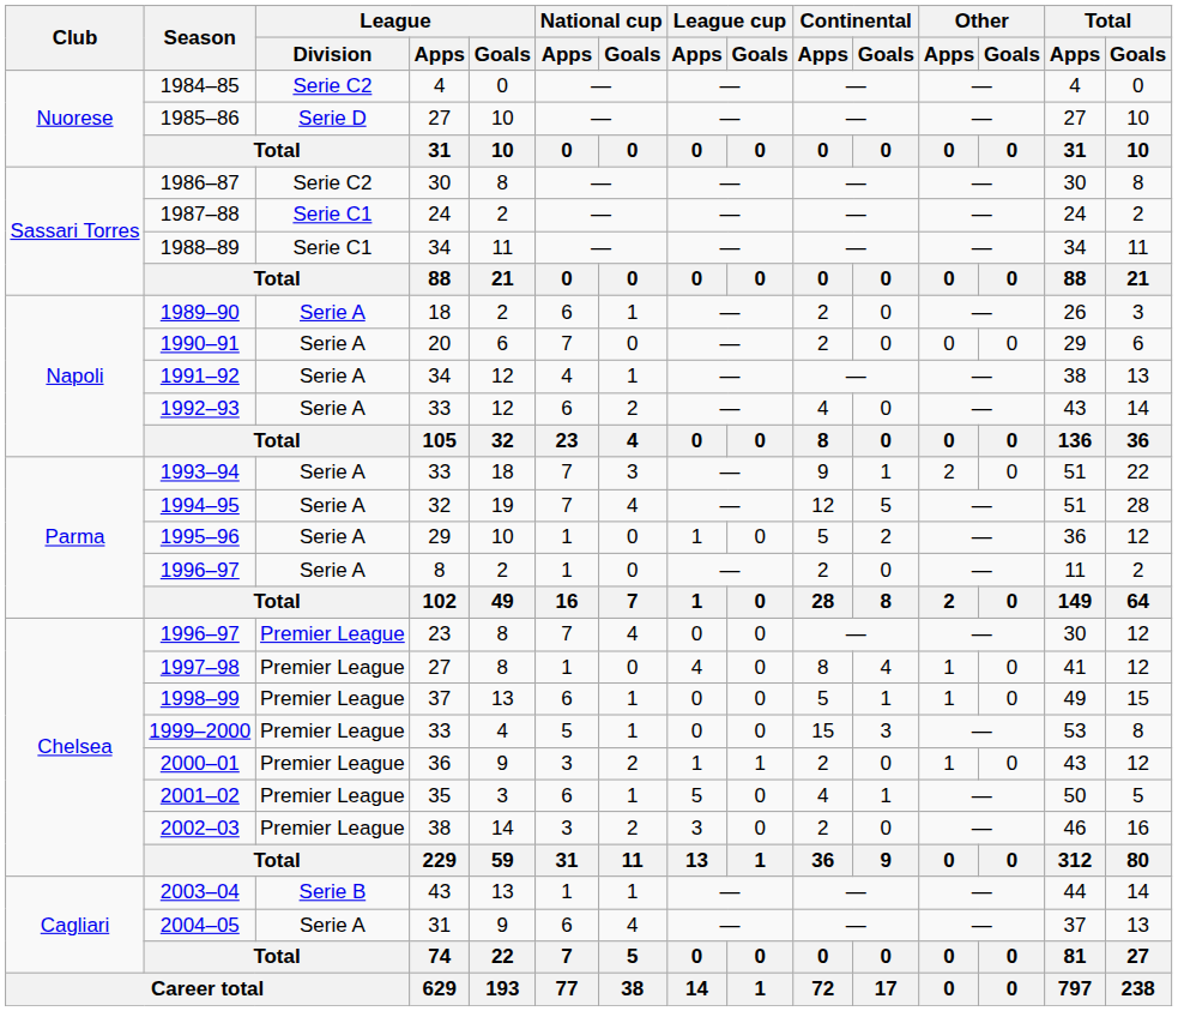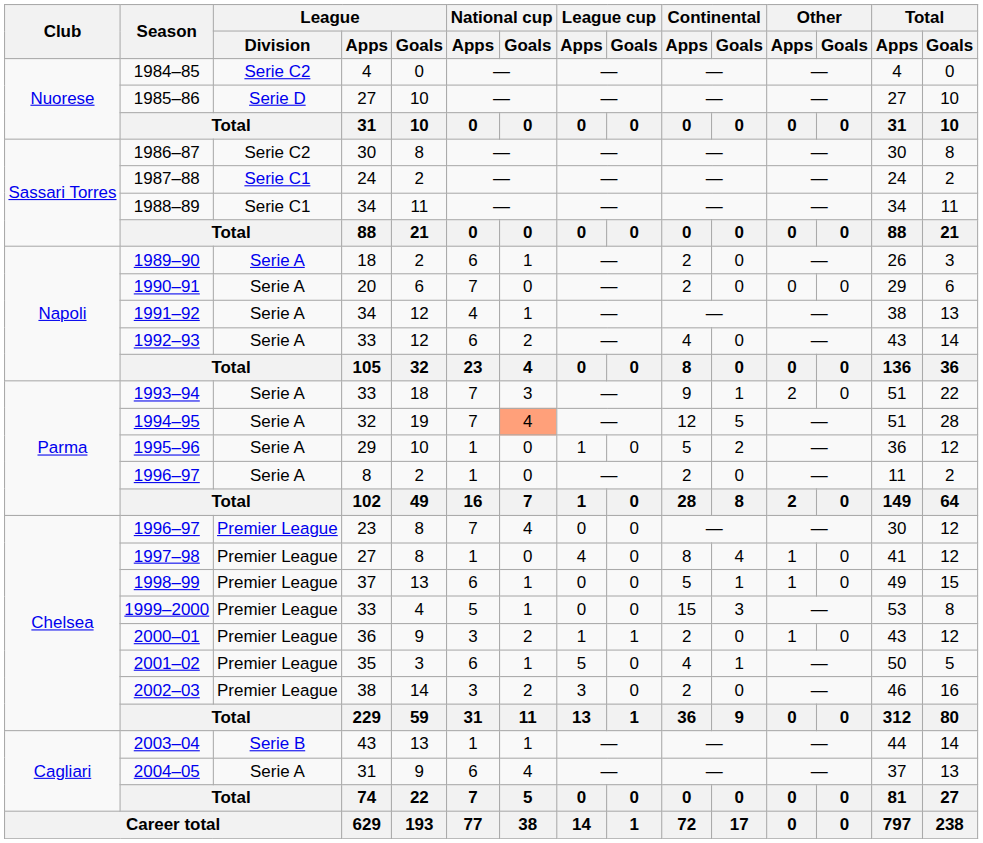 <table class="wikitable" style="text-align:center">
 <tr>
 <th rowspan="2">Club</th>
 <th rowspan="2">Season</th>
 <th colspan="3">League</th>
 <th colspan="2">National cup</th>
 <th colspan="2">League cup</th>
 <th colspan="2">Continental</th>
 <th colspan="2">Other</th>
 <th colspan="2">Total</th>
 </tr>
 <tr>
 <th>Division</th>
 <th>Apps</th>
 <th>Goals</th>
 <th>Apps</th>
 <th>Goals</th>
 <th>Apps</th>
 <th>Goals</th>
 <th>Apps</th>
 <th>Goals</th>
 <th>Apps</th>
 <th>Goals</th>
 <th>Apps</th>
 <th>Goals</th>
 </tr>
 <tr>
 <td rowspan="3"><a href='#'>Nuorese</a></td>
 <td>1984–85</td>
 <td><a href='#'>Serie C2</a></td>
 <td>4</td>
 <td>0</td>
 <td colspan="2">—</td>
 <td colspan="2">—</td>
 <td colspan="2">—</td>
 <td colspan="2">—</td>
 <td>4</td>
 <td>0</td>
 </tr>
 <tr>
 <td>1985–86</td>
 <td><a href='#'>Serie D</a></td>
 <td>27</td>
 <td>10</td>
 <td colspan="2">—</td>
 <td colspan="2">—</td>
 <td colspan="2">—</td>
 <td colspan="2">—</td>
 <td>27</td>
 <td>10</td>
 </tr>
 <tr>
 <th colspan="2">Total</th>
 <th>31</th>
 <th>10</th>
 <th>0</th>
 <th>0</th>
 <th>0</th>
 <th>0</th>
 <th>0</th>
 <th>0</th>
 <th>0</th>
 <th>0</th>
 <th>31</th>
 <th>10</th>
 </tr>
 <tr>
 <td rowspan="4"><a href='#'>Sassari Torres</a></td>
 <td>1986–87</td>
 <td>Serie C2</td>
 <td>30</td>
 <td>8</td>
 <td colspan="2">—</td>
 <td colspan="2">—</td>
 <td colspan="2">—</td>
 <td colspan="2">—</td>
 <td>30</td>
 <td>8</td>
 </tr>
 <tr>
 <td>1987–88</td>
 <td><a href='#'>Serie C1</a></td>
 <td>24</td>
 <td>2</td>
 <td colspan="2">—</td>
 <td colspan="2">—</td>
 <td colspan="2">—</td>
 <td colspan="2">—</td>
 <td>24</td>
 <td>2</td>
 </tr>
 <tr>
 <td>1988–89</td>
 <td>Serie C1</td>
 <td>34</td>
 <td>11</td>
 <td colspan="2">—</td>
 <td colspan="2">—</td>
 <td colspan="2">—</td>
 <td colspan="2">—</td>
 <td>34</td>
 <td>11</td>
 </tr>
 <tr>
 <th colspan="2">Total</th>
 <th>88</th>
 <th>21</th>
 <th>0</th>
 <th>0</th>
 <th>0</th>
 <th>0</th>
 <th>0</th>
 <th>0</th>
 <th>0</th>
 <th>0</th>
 <th>88</th>
 <th>21</th>
 </tr>
 <tr>
 <td rowspan="5"><a href='#'>Napoli</a></td>
 <td><a href='#'>1989–90</a></td>
 <td><a href='#'>Serie A</a></td>
 <td>18</td>
 <td>2</td>
 <td>6</td>
 <td>1</td>
 <td colspan="2">—</td>
 <td>2</td>
 <td>0</td>
 <td colspan="2">—</td>
 <td>26</td>
 <td>3</td>
 </tr>
 <tr>
 <td><a href='#'>1990–91</a></td>
 <td>Serie A</td>
 <td>20</td>
 <td>6</td>
 <td>7</td>
 <td>0</td>
 <td colspan="2">—</td>
 <td>2</td>
 <td>0</td>
 <td>0</td>
 <td>0</td>
 <td>29</td>
 <td>6</td>
 </tr>
 <tr>
 <td><a href='#'>1991–92</a></td>
 <td>Serie A</td>
 <td>34</td>
 <td>12</td>
 <td>4</td>
 <td>1</td>
 <td colspan="2">—</td>
 <td colspan="2">—</td>
 <td colspan="2">—</td>
 <td>38</td>
 <td>13</td>
 </tr>
 <tr>
 <td><a href='#'>1992–93</a></td>
 <td>Serie A</td>
 <td>33</td>
 <td>12</td>
 <td>6</td>
 <td>2</td>
 <td colspan="2">—</td>
 <td>4</td>
 <td>0</td>
 <td colspan="2">—</td>
 <td>43</td>
 <td>14</td>
 </tr>
 <tr>
 <th colspan="2">Total</th>
 <th>105</th>
 <th>32</th>
 <th>23</th>
 <th>4</th>
 <th>0</th>
 <th>0</th>
 <th>8</th>
 <th>0</th>
 <th>0</th>
 <th>0</th>
 <th>136</th>
 <th>36</th>
 </tr>
 <tr>
 <td rowspan="5"><a href='#'>Parma</a></td>
 <td><a href='#'>1993–94</a></td>
 <td>Serie A</td>
 <td>33</td>
 <td>18</td>
 <td>7</td>
 <td>3</td>
 <td colspan="2">—</td>
 <td>9</td>
 <td>1</td>
 <td>2</td>
 <td>0</td>
 <td>51</td>
 <td>22</td>
 </tr>
 <tr>
 <td><a href='#'>1994–95</a></td>
 <td>Serie A</td>
 <td>32</td>
 <td>19</td>
 <td>7</td>
-<td>4</td>
+<td style="background: lightsalmon;">4</td>
 <td colspan="2">—</td>
 <td>12</td>
 <td>5</td>
 <td colspan="2">—</td>
 <td>51</td>
 <td>28</td>
 </tr>
 <tr>
 <td><a href='#'>1995–96</a></td>
 <td>Serie A</td>
 <td>29</td>
 <td>10</td>
 <td>1</td>
 <td>0</td>
 <td>1</td>
 <td>0</td>
 <td>5</td>
 <td>2</td>
 <td colspan="2">—</td>
 <td>36</td>
 <td>12</td>
 </tr>
 <tr>
 <td><a href='#'>1996–97</a></td>
 <td>Serie A</td>
 <td>8</td>
 <td>2</td>
 <td>1</td>
 <td>0</td>
 <td colspan="2">—</td>
 <td>2</td>
 <td>0</td>
 <td colspan="2">—</td>
 <td>11</td>
 <td>2</td>
 </tr>
 <tr>
 <th colspan="2">Total</th>
 <th>102</th>
 <th>49</th>
 <th>16</th>
 <th>7</th>
 <th>1</th>
 <th>0</th>
 <th>28</th>
 <th>8</th>
 <th>2</th>
 <th>0</th>
 <th>149</th>
 <th>64</th>
 </tr>
 <tr>
 <td rowspan="8"><a href='#'>Chelsea</a></td>
 <td><a href='#'>1996–97</a></td>
 <td><a href='#'>Premier League</a></td>
 <td>23</td>
 <td>8</td>
 <td>7</td>
 <td>4</td>
 <td>0</td>
 <td>0</td>
 <td colspan="2">—</td>
 <td colspan="2">—</td>
 <td>30</td>
 <td>12</td>
 </tr>
 <tr>
 <td><a href='#'>1997–98</a></td>
 <td>Premier League</td>
 <td>27</td>
 <td>8</td>
 <td>1</td>
 <td>0</td>
 <td>4</td>
 <td>0</td>
 <td>8</td>
 <td>4</td>
 <td>1</td>
 <td>0</td>
 <td>41</td>
 <td>12</td>
 </tr>
 <tr>
 <td><a href='#'>1998–99</a></td>
 <td>Premier League</td>
 <td>37</td>
 <td>13</td>
 <td>6</td>
 <td>1</td>
 <td>0</td>
 <td>0</td>
 <td>5</td>
 <td>1</td>
 <td>1</td>
 <td>0</td>
 <td>49</td>
 <td>15</td>
 </tr>
 <tr>
 <td><a href='#'>1999–2000</a></td>
 <td>Premier League</td>
 <td>33</td>
 <td>4</td>
 <td>5</td>
 <td>1</td>
 <td>0</td>
 <td>0</td>
 <td>15</td>
 <td>3</td>
 <td colspan="2">—</td>
 <td>53</td>
 <td>8</td>
 </tr>
 <tr>
 <td><a href='#'>2000–01</a></td>
 <td>Premier League</td>
 <td>36</td>
 <td>9</td>
 <td>3</td>
 <td>2</td>
 <td>1</td>
 <td>1</td>
 <td>2</td>
 <td>0</td>
 <td>1</td>
 <td>0</td>
 <td>43</td>
 <td>12</td>
 </tr>
 <tr>
 <td><a href='#'>2001–02</a></td>
 <td>Premier League</td>
 <td>35</td>
 <td>3</td>
 <td>6</td>
 <td>1</td>
 <td>5</td>
 <td>0</td>
 <td>4</td>
 <td>1</td>
 <td colspan="2">—</td>
 <td>50</td>
 <td>5</td>
 </tr>
 <tr>
 <td><a href='#'>2002–03</a></td>
 <td>Premier League</td>
 <td>38</td>
 <td>14</td>
 <td>3</td>
 <td>2</td>
 <td>3</td>
 <td>0</td>
 <td>2</td>
 <td>0</td>
 <td colspan="2">—</td>
 <td>46</td>
 <td>16</td>
 </tr>
 <tr>
 <th colspan="2">Total</th>
 <th>229</th>
 <th>59</th>
 <th>31</th>
 <th>11</th>
 <th>13</th>
 <th>1</th>
 <th>36</th>
 <th>9</th>
 <th>0</th>
 <th>0</th>
 <th>312</th>
 <th>80</th>
 </tr>
 <tr>
 <td rowspan="3"><a href='#'>Cagliari</a></td>
 <td><a href='#'>2003–04</a></td>
 <td><a href='#'>Serie B</a></td>
 <td>43</td>
 <td>13</td>
 <td>1</td>
 <td>1</td>
 <td colspan="2">—</td>
 <td colspan="2">—</td>
 <td colspan="2">—</td>
 <td>44</td>
 <td>14</td>
 </tr>
 <tr>
 <td><a href='#'>2004–05</a></td>
 <td>Serie A</td>
 <td>31</td>
 <td>9</td>
 <td>6</td>
 <td>4</td>
 <td colspan="2">—</td>
 <td colspan="2">—</td>
 <td colspan="2">—</td>
 <td>37</td>
 <td>13</td>
 </tr>
 <tr>
 <th colspan="2">Total</th>
 <th>74</th>
 <th>22</th>
 <th>7</th>
 <th>5</th>
 <th>0</th>
 <th>0</th>
 <th>0</th>
 <th>0</th>
 <th>0</th>
 <th>0</th>
 <th>81</th>
 <th>27</th>
 </tr>
 <tr>
 <th colspan="3">Career total</th>
 <th>629</th>
 <th>193</th>
 <th>77</th>
 <th>38</th>
 <th>14</th>
 <th>1</th>
 <th>72</th>
 <th>17</th>
 <th>0</th>
 <th>0</th>
 <th>797</th>
 <th>238</th>
 </tr>
 </table>
